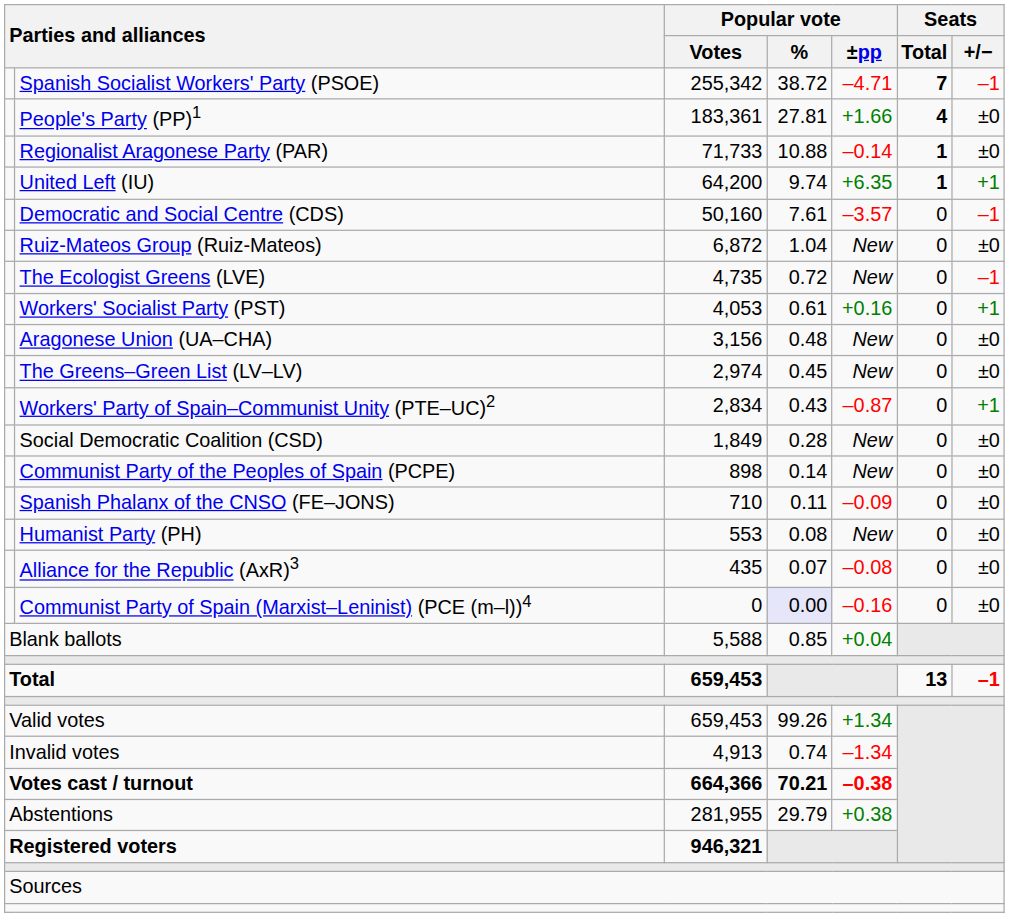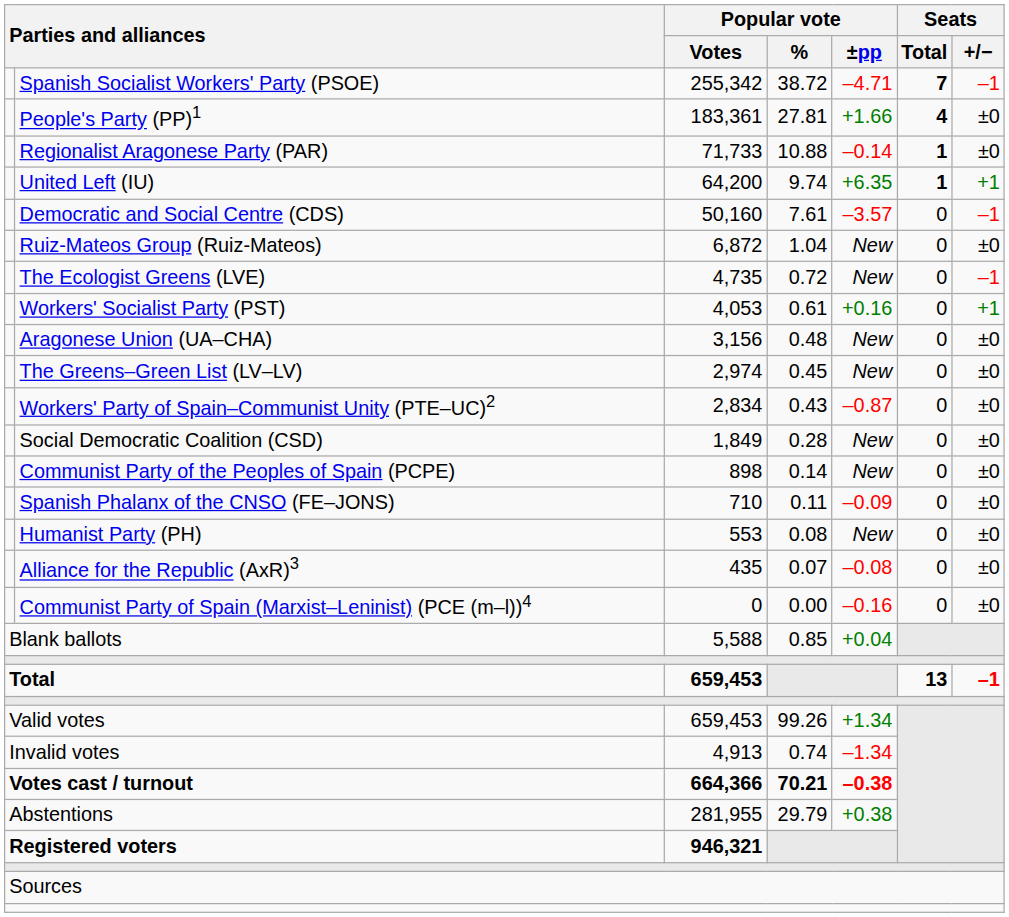 <table class="wikitable" style="text-align:right;">
 <tr>
 <th style="text-align:left;" rowspan="2" colspan="2" width="525">Parties and alliances</th>
 <th colspan="3">Popular vote</th>
 <th colspan="2">Seats</th>
 </tr>
 <tr>
 <th width="75">Votes</th>
 <th width="45">%</th>
 <th width="45">±<a href='#'>pp</a></th>
 <th width="35">Total</th>
 <th width="35">+/−</th>
 </tr>
 <tr>
 <td width="1" style="color:inherit;background:"></td>
 <td align="left"><a href='#'>Spanish Socialist Workers' Party</a> (PSOE)</td>
 <td>255,342</td>
 <td>38.72</td>
 <td style="color:red;">–4.71</td>
 <td><strong>7</strong></td>
 <td style="color:red;">–1</td>
 </tr>
 <tr>
 <td style="color:inherit;background:"></td>
 <td align="left"><a href='#'>People's Party</a> (PP)<sup>1</sup></td>
 <td>183,361</td>
 <td>27.81</td>
 <td style="color:green;">+1.66</td>
 <td><strong>4</strong></td>
 <td>±0</td>
 </tr>
 <tr>
 <td style="color:inherit;background:"></td>
 <td align="left"><a href='#'>Regionalist Aragonese Party</a> (PAR)</td>
 <td>71,733</td>
 <td>10.88</td>
 <td style="color:red;">–0.14</td>
 <td><strong>1</strong></td>
 <td>±0</td>
 </tr>
 <tr>
 <td style="color:inherit;background:"></td>
 <td align="left"><a href='#'>United Left</a> (IU)</td>
 <td>64,200</td>
 <td>9.74</td>
 <td style="color:green;">+6.35</td>
 <td><strong>1</strong></td>
 <td style="color:green;">+1</td>
 </tr>
 <tr>
 <td style="color:inherit;background:"></td>
 <td align="left"><a href='#'>Democratic and Social Centre</a> (CDS)</td>
 <td>50,160</td>
 <td>7.61</td>
 <td style="color:red;">–3.57</td>
 <td>0</td>
 <td style="color:red;">–1</td>
 </tr>
 <tr>
 <td style="color:inherit;background:"></td>
 <td align="left"><a href='#'>Ruiz-Mateos Group</a> (Ruiz-Mateos)</td>
 <td>6,872</td>
 <td>1.04</td>
 <td><em>New</em></td>
 <td>0</td>
 <td>±0</td>
 </tr>
 <tr>
 <td style="color:inherit;background:"></td>
 <td align="left"><a href='#'>The Ecologist Greens</a> (LVE)</td>
 <td>4,735</td>
 <td>0.72</td>
 <td><em>New</em></td>
 <td>0</td>
 <td style="color:red;">–1</td>
 </tr>
 <tr>
 <td style="color:inherit;background:"></td>
 <td align="left"><a href='#'>Workers' Socialist Party</a> (PST)</td>
 <td>4,053</td>
 <td>0.61</td>
 <td style="color:green;">+0.16</td>
 <td>0</td>
 <td style="color:green;">+1</td>
 </tr>
 <tr>
 <td style="color:inherit;background:"></td>
 <td align="left"><a href='#'>Aragonese Union</a> (UA–CHA)</td>
 <td>3,156</td>
 <td>0.48</td>
 <td><em>New</em></td>
 <td>0</td>
 <td>±0</td>
 </tr>
 <tr>
 <td style="color:inherit;background:"></td>
 <td align="left"><a href='#'>The Greens–Green List</a> (LV–LV)</td>
 <td>2,974</td>
 <td>0.45</td>
 <td><em>New</em></td>
 <td>0</td>
 <td>±0</td>
 </tr>
 <tr>
 <td style="color:inherit;background:"></td>
 <td align="left"><a href='#'>Workers' Party of Spain–Communist Unity</a> (PTE–UC)<sup>2</sup></td>
 <td>2,834</td>
 <td>0.43</td>
 <td style="color:red;">–0.87</td>
 <td>0</td>
-<td style="color:green;">+1</td>
+<td>±0</td>
 </tr>
 <tr>
 <td style="color:inherit;background:"></td>
 <td align="left">Social Democratic Coalition (CSD)</td>
 <td>1,849</td>
 <td>0.28</td>
 <td><em>New</em></td>
 <td>0</td>
 <td>±0</td>
 </tr>
 <tr>
 <td style="color:inherit;background:"></td>
 <td align="left"><a href='#'>Communist Party of the Peoples of Spain</a> (PCPE)</td>
 <td>898</td>
 <td>0.14</td>
 <td><em>New</em></td>
 <td>0</td>
 <td>±0</td>
 </tr>
 <tr>
 <td style="color:inherit;background:"></td>
 <td align="left"><a href='#'>Spanish Phalanx of the CNSO</a> (FE–JONS)</td>
 <td>710</td>
 <td>0.11</td>
 <td style="color:red;">–0.09</td>
 <td>0</td>
 <td>±0</td>
 </tr>
 <tr>
 <td style="color:inherit;background:"></td>
 <td align="left"><a href='#'>Humanist Party</a> (PH)</td>
 <td>553</td>
 <td>0.08</td>
 <td><em>New</em></td>
 <td>0</td>
 <td>±0</td>
 </tr>
 <tr>
 <td style="color:inherit;background:"></td>
 <td align="left"><a href='#'>Alliance for the Republic</a> (AxR)<sup>3</sup></td>
 <td>435</td>
 <td>0.07</td>
 <td style="color:red;">–0.08</td>
 <td>0</td>
 <td>±0</td>
 </tr>
 <tr>
 <td style="color:inherit;background:"></td>
 <td align="left"><a href='#'>Communist Party of Spain (Marxist–Leninist)</a> (PCE (m–l))<sup>4</sup></td>
 <td>0</td>
-<td style="background: lavender;">0.00</td>
+<td>0.00</td>
 <td style="color:red;">–0.16</td>
 <td>0</td>
 <td>±0</td>
 </tr>
 <tr>
 <td align="left" colspan="2">Blank ballots</td>
 <td>5,588</td>
 <td>0.85</td>
 <td style="color:green;">+0.04</td>
 <td bgcolor="#E9E9E9" colspan="2"></td>
 </tr>
 <tr>
 <td colspan="7" bgcolor="#E9E9E9"></td>
 </tr>
 <tr style="font-weight:bold;">
 <td align="left" colspan="2">Total</td>
 <td>659,453</td>
 <td bgcolor="#E9E9E9" colspan="2"></td>
 <td>13</td>
 <td style="color:red;">–1</td>
 </tr>
 <tr>
 <td colspan="7" bgcolor="#E9E9E9"></td>
 </tr>
 <tr>
 <td align="left" colspan="2">Valid votes</td>
 <td>659,453</td>
 <td>99.26</td>
 <td style="color:green;">+1.34</td>
 <td bgcolor="#E9E9E9" colspan="2" rowspan="5"></td>
 </tr>
 <tr>
 <td align="left" colspan="2">Invalid votes</td>
 <td>4,913</td>
 <td>0.74</td>
 <td style="color:red;">–1.34</td>
 </tr>
 <tr style="font-weight:bold;">
 <td align="left" colspan="2">Votes cast / turnout</td>
 <td>664,366</td>
 <td>70.21</td>
 <td style="color:red;">–0.38</td>
 </tr>
 <tr>
 <td align="left" colspan="2">Abstentions</td>
 <td>281,955</td>
 <td>29.79</td>
 <td style="color:green;">+0.38</td>
 </tr>
 <tr style="font-weight:bold;">
 <td align="left" colspan="2">Registered voters</td>
 <td>946,321</td>
 <td bgcolor="#E9E9E9" colspan="2"></td>
 </tr>
 <tr>
 <td colspan="7" bgcolor="#E9E9E9"></td>
 </tr>
 <tr>
 <td align="left" colspan="7">Sources</td>
 </tr>
 <tr>
 <td colspan="7" style="text-align:left; max-width:790px;"></td>
 </tr>
 </table>
